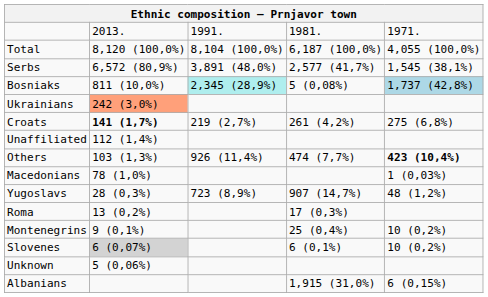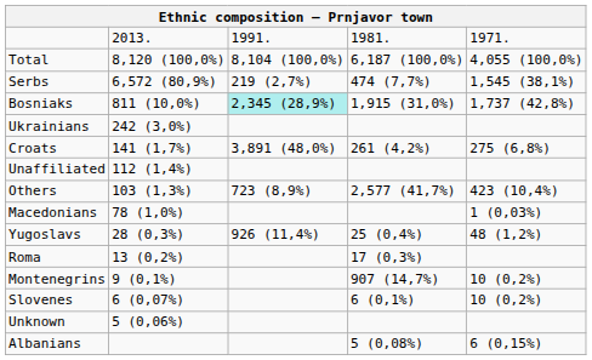 <table class="wikitable">
 <tr>
 <th colspan="8">Ethnic composition – Prnjavor town</th>
 </tr>
 <tr>
 <td></td>
 <td>2013.</td>
 <td>1991.</td>
 <td>1981.</td>
 <td>1971.</td>
 </tr>
 <tr>
 <td>Total</td>
 <td>8,120 (100,0%)</td>
 <td>8,104 (100,0%)</td>
 <td>6,187 (100,0%)</td>
 <td>4,055 (100,0%)</td>
 </tr>
 <tr>
 <td>Serbs</td>
 <td>6,572 (80,9%)</td>
-<td>3,891 (48,0%)</td>
-<td>2,577 (41,7%)</td>
+<td>219 (2,7%)</td>
+<td>474 (7,7%)</td>
 <td>1,545 (38,1%)</td>
 </tr>
 <tr>
 <td>Bosniaks</td>
 <td>811 (10,0%)</td>
 <td style="background: paleturquoise;">2,345 (28,9%)</td>
-<td>5 (0,08%)</td>
-<td style="background: lightblue;">1,737 (42,8%)</td>
+<td>1,915 (31,0%)</td>
+<td>1,737 (42,8%)</td>
 </tr>
 <tr>
 <td>Ukrainians</td>
-<td style="background: lightsalmon;">242 (3,0%)</td>
+<td>242 (3,0%)</td>
 <td></td>
 <td></td>
 <td></td>
 </tr>
 <tr>
 <td>Croats</td>
-<td><strong>141 (1,7%)</strong></td>
-<td>219 (2,7%)</td>
+<td>141 (1,7%)</td>
+<td>3,891 (48,0%)</td>
 <td>261 (4,2%)</td>
 <td>275 (6,8%)</td>
 </tr>
 <tr>
 <td>Unaffiliated</td>
 <td>112 (1,4%)</td>
 <td></td>
 <td></td>
 <td></td>
 </tr>
 <tr>
 <td>Others</td>
 <td>103 (1,3%)</td>
-<td>926 (11,4%)</td>
-<td>474 (7,7%)</td>
-<td><strong>423 (10,4%)</strong></td>
+<td>723 (8,9%)</td>
+<td>2,577 (41,7%)</td>
+<td>423 (10,4%)</td>
 </tr>
 <tr>
 <td>Macedonians</td>
 <td>78 (1,0%)</td>
 <td></td>
 <td></td>
 <td>1 (0,03%)</td>
 </tr>
 <tr>
 <td>Yugoslavs</td>
 <td>28 (0,3%)</td>
-<td>723 (8,9%)</td>
-<td>907 (14,7%)</td>
+<td>926 (11,4%)</td>
+<td>25 (0,4%)</td>
 <td>48 (1,2%)</td>
 </tr>
 <tr>
 <td>Roma</td>
 <td>13 (0,2%)</td>
 <td></td>
 <td>17 (0,3%)</td>
 <td></td>
 </tr>
 <tr>
 <td>Montenegrins</td>
 <td>9 (0,1%)</td>
 <td></td>
-<td>25 (0,4%)</td>
+<td>907 (14,7%)</td>
 <td>10 (0,2%)</td>
 </tr>
 <tr>
 <td>Slovenes</td>
-<td style="background: lightgrey;">6 (0,07%)</td>
+<td>6 (0,07%)</td>
 <td></td>
 <td>6 (0,1%)</td>
 <td>10 (0,2%)</td>
 </tr>
 <tr>
 <td>Unknown</td>
 <td>5 (0,06%)</td>
 <td></td>
 <td></td>
 <td></td>
 </tr>
 <tr>
 <td>Albanians</td>
 <td></td>
 <td></td>
-<td>1,915 (31,0%)</td>
+<td>5 (0,08%)</td>
 <td>6 (0,15%)</td>
 </tr>
 </table>
